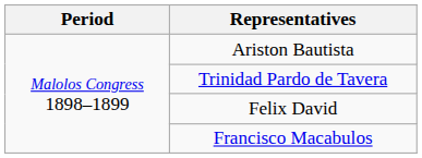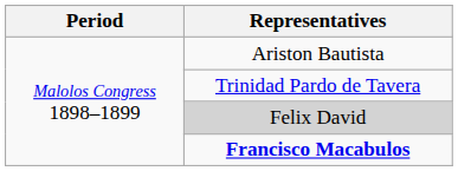 <table class="wikitable" style="text-align:center; width:40%;">
 <tr>
 <th width="40%">Period</th>
 <th>Representatives</th>
 </tr>
 <tr>
 <td rowspan="4"><small><em><a href='#'>Malolos Congress</a></em></small><br>1898–1899</td>
 <td>Ariston Bautista</td>
 </tr>
 <tr>
 <td><a href='#'>Trinidad Pardo de Tavera</a></td>
 </tr>
 <tr>
-<td>Felix David</td>
+<td style="background: lightgrey;">Felix David</td>
 </tr>
 <tr>
-<td><a href='#'>Francisco Macabulos</a></td>
+<td><strong><a href='#'>Francisco Macabulos</a></strong></td>
 </tr>
 </table>
